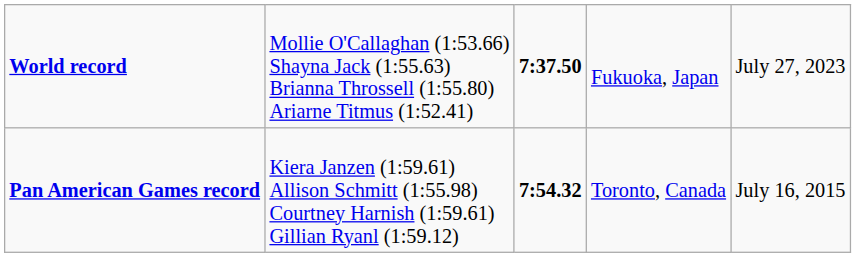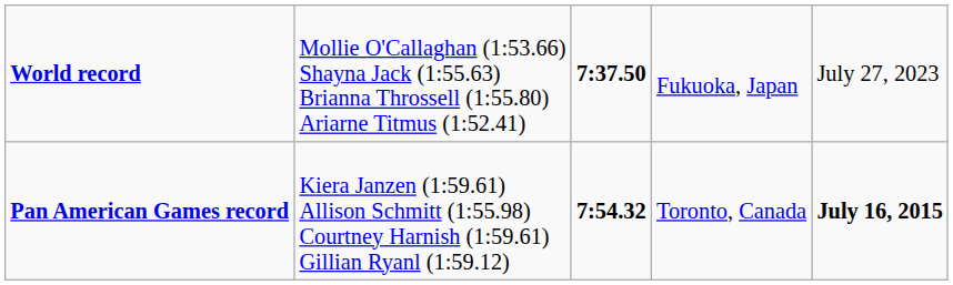 <table class="wikitable">
 <tr>
 <td><strong><a href='#'>World record</a></strong></td>
 <td><br><a href='#'>Mollie O'Callaghan</a> (1:53.66)<br><a href='#'>Shayna Jack</a> (1:55.63)<br><a href='#'>Brianna Throssell</a> (1:55.80)<br><a href='#'>Ariarne Titmus</a> (1:52.41)</td>
 <td><strong>7:37.50 </strong></td>
 <td><br><a href='#'>Fukuoka</a>, <a href='#'>Japan</a></td>
 <td>July 27, 2023</td>
 </tr>
 <tr>
 <td><strong><a href='#'>Pan American Games record</a></strong></td>
 <td><br><a href='#'>Kiera Janzen</a> (1:59.61)<br><a href='#'>Allison Schmitt</a> (1:55.98)<br><a href='#'>Courtney Harnish</a> (1:59.61)<br><a href='#'>Gillian Ryanl</a> (1:59.12)</td>
 <td><strong>7:54.32</strong></td>
 <td><a href='#'>Toronto</a>, <a href='#'>Canada</a></td>
-<td>July 16, 2015</td>
+<td><strong>July 16, 2015</strong></td>
 </tr>
 </table>
